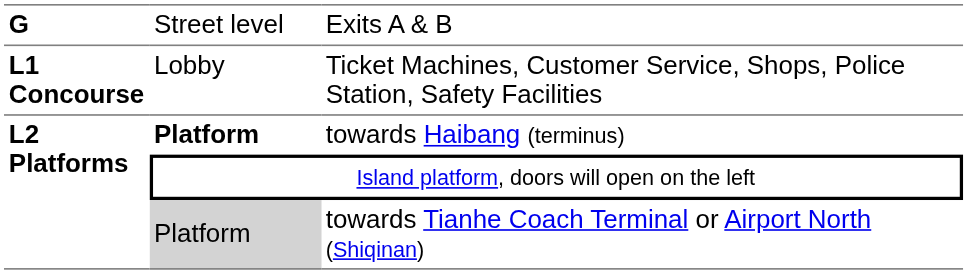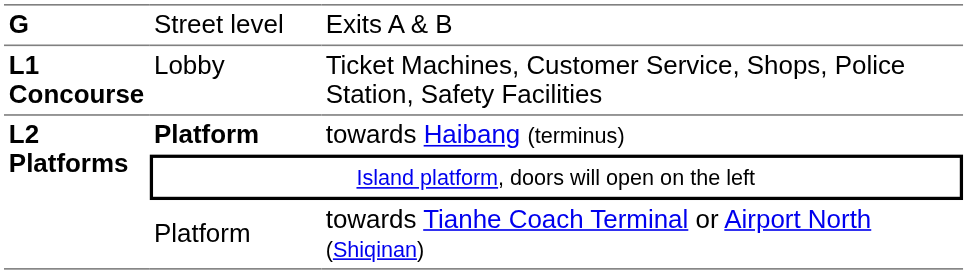 <table table border=0 cellspacing=0 cellpadding=3>
 <tr>
 <td style="border-top:solid 1px gray;" width=50 valign=top><strong>G</strong></td>
 <td style="border-top:solid 1px gray;" width=100 valign=top>Street level</td>
 <td style="border-top:solid 1px gray;" width=390 valign=top>Exits A & B</td>
 </tr>
 <tr>
 <td style="border-bottom:solid 1px gray; border-top:solid 1px gray;" valign=top width=50><strong>L1<br>Concourse</strong></td>
 <td style="border-bottom:solid 1px gray; border-top:solid 1px gray;" valign=top width=100>Lobby</td>
 <td style="border-bottom:solid 1px gray; border-top:solid 1px gray;" valign=top width=390>Ticket Machines, Customer Service, Shops, Police Station, Safety Facilities</td>
 </tr>
 <tr>
 <td style="border-bottom:solid 1px gray;" rowspan=3 valign=top><strong>L2<br>Platforms</strong></td>
 <td><strong>Platform </strong></td>
 <td>  towards <a href='#'>Haibang</a> <small>(terminus)</small></td>
 </tr>
 <tr>
 <td style="border-right:solid 2px black;border-left:solid 2px black;border-top:solid 2px black;border-bottom:solid 2px black;text-align:center;" colspan=2><small><a href='#'>Island platform</a>, doors will open on the left</small></td>
 </tr>
 <tr>
-<td style="background: lightgrey; border-bottom:solid 1px gray;">Platform </td>
+<td style="border-bottom:solid 1px gray;">Platform </td>
 <td style="border-bottom:solid 1px gray;"> towards <a href='#'>Tianhe Coach Terminal</a> or <a href='#'>Airport North</a> <small>(<a href='#'>Shiqinan</a>)</small> </td>
 </tr>
 </table>
